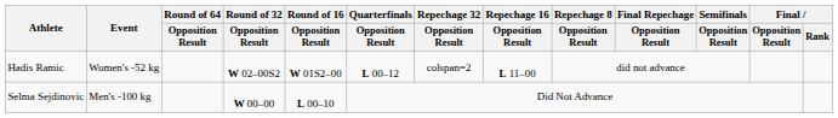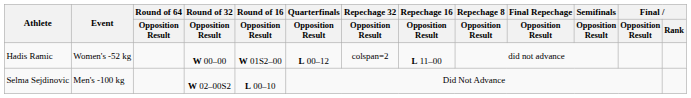 <table class="wikitable" style="font-size:90%">
 <tr>
 <th rowspan="2">Athlete</th>
 <th rowspan="2">Event</th>
 <th>Round of 64</th>
 <th>Round of 32</th>
 <th>Round of 16</th>
 <th>Quarterfinals</th>
 <th>Repechage 32</th>
 <th>Repechage 16</th>
 <th>Repechage 8</th>
 <th>Final Repechage</th>
 <th>Semifinals</th>
 <th colspan=2>Final / </th>
 </tr>
 <tr style="font-size:95%">
 <th>Opposition<br>Result</th>
 <th>Opposition<br>Result</th>
 <th>Opposition<br>Result</th>
 <th>Opposition<br>Result</th>
 <th>Opposition<br>Result</th>
 <th>Opposition<br>Result</th>
 <th>Opposition<br>Result</th>
 <th>Opposition<br>Result</th>
 <th>Opposition<br>Result</th>
 <th>Opposition<br>Result</th>
 <th>Rank</th>
 </tr>
 <tr align=center>
 <td align=left>Hadis Ramic</td>
 <td align=left>Women's -52 kg</td>
 <td></td>
-<td><br><strong>W</strong> 02–00S2</td>
+<td><br><strong>W</strong> 00–00</td>
 <td><br><strong>W</strong> 01S2–00</td>
 <td><br><strong>L</strong> 00–12</td>
 <td>colspan=2 </td>
 <td><br><strong>L</strong> 11–00</td>
 <td colspan=3>did not advance</td>
 <td></td>
 </tr>
 <tr align=center>
 <td align=left>Selma Sejdinovic</td>
 <td align=left>Men's -100 kg</td>
 <td></td>
-<td><br><strong>W</strong> 00–00</td>
+<td><br><strong>W</strong> 02–00S2</td>
 <td><br><strong>L</strong> 00–10</td>
 <td colspan=7>Did Not Advance</td>
 <td></td>
 </tr>
 </table>
